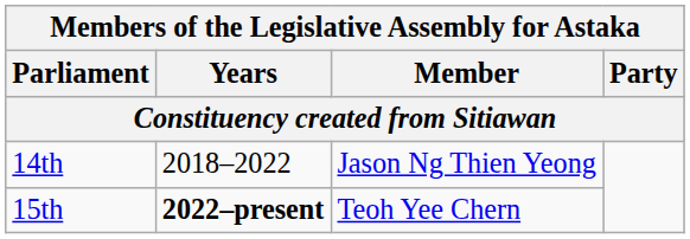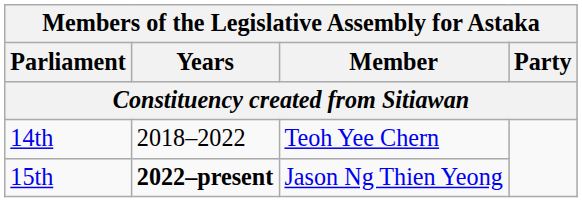 <table class="wikitable">
 <tr>
 <th colspan="4">Members of the Legislative Assembly for Astaka</th>
 </tr>
 <tr>
 <th>Parliament</th>
 <th>Years</th>
 <th>Member</th>
 <th>Party</th>
 </tr>
 <tr>
 <th colspan="4" align="center"><em>Constituency created from Sitiawan</em></th>
 </tr>
 <tr>
 <td><a href='#'>14th</a></td>
 <td>2018–2022</td>
-<td><a href='#'>Jason Ng Thien Yeong</a></td>
+<td><a href='#'>Teoh Yee Chern</a></td>
 <td rowspan="2"></td>
 </tr>
 <tr>
 <td><a href='#'>15th</a></td>
 <td><strong>2022–present</strong></td>
-<td><a href='#'>Teoh Yee Chern</a></td>
+<td><a href='#'>Jason Ng Thien Yeong</a></td>
 </tr>
 </table>
